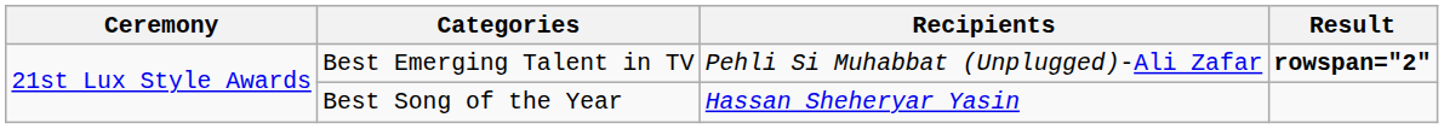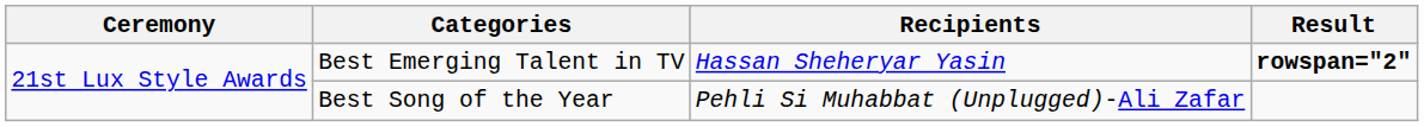 <table class="wikitable style">
 <tr>
 <th>Ceremony</th>
 <th>Categories</th>
 <th>Recipients</th>
 <th>Result</th>
 </tr>
 <tr>
 <td rowspan="7"><a href='#'>21st Lux Style Awards</a></td>
 <td>Best Emerging Talent in TV</td>
-<td><em>Pehli Si Muhabbat (Unplugged)</em>-<a href='#'>Ali Zafar</a></td>
+<td><em><a href='#'>Hassan Sheheryar Yasin</a></em></td>
 <td><strong>rowspan="2" </strong></td>
 </tr>
 <tr>
 <td>Best Song of the Year</td>
-<td><em><a href='#'>Hassan Sheheryar Yasin</a></em></td>
+<td><em>Pehli Si Muhabbat (Unplugged)</em>-<a href='#'>Ali Zafar</a></td>
 </tr>
 </table>
